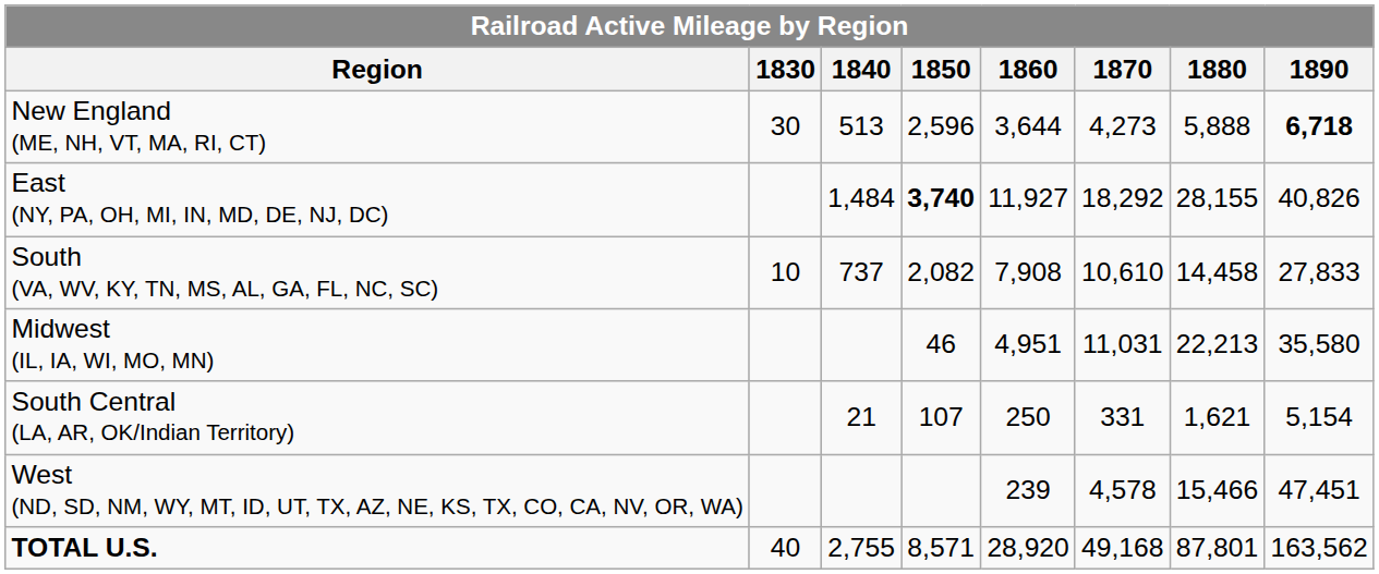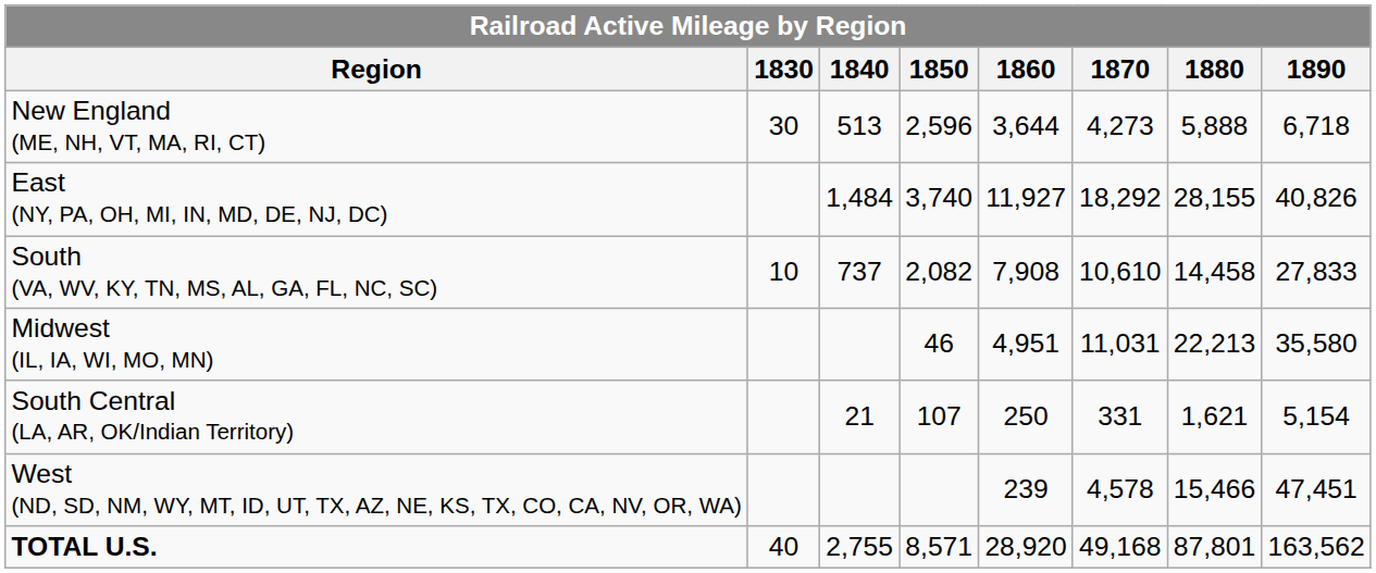 <table class="wikitable sortable" style="text-align:center">
 <tr>
 <td colspan="18" style= "background: #888888; color: #ffffff"><strong> Railroad Active Mileage by Region</strong></td>
 </tr>
 <tr>
 <th>Region</th>
 <th>1830</th>
 <th>1840</th>
 <th>1850</th>
 <th>1860</th>
 <th>1870</th>
 <th>1880</th>
 <th>1890</th>
 </tr>
 <tr>
 <td align=left>New England <br><small>(ME, NH, VT, MA, RI, CT)</small></td>
 <td>30</td>
 <td>513</td>
 <td>2,596</td>
 <td>3,644</td>
 <td>4,273</td>
 <td>5,888</td>
-<td><strong>6,718</strong></td>
+<td>6,718</td>
 </tr>
 <tr>
 <td align=left>East <br><small>(NY, PA, OH, MI, IN, MD, DE, NJ, DC)</small></td>
 <td> </td>
 <td>1,484</td>
-<td><strong>3,740</strong></td>
+<td>3,740</td>
 <td>11,927</td>
 <td>18,292</td>
 <td>28,155</td>
 <td>40,826</td>
 </tr>
 <tr>
 <td align=left>South <br><small>(VA, WV, KY, TN, MS, AL, GA, FL, NC, SC)</small></td>
 <td>10</td>
 <td>737</td>
 <td>2,082</td>
 <td>7,908</td>
 <td>10,610</td>
 <td>14,458</td>
 <td>27,833</td>
 </tr>
 <tr>
 <td align=left>Midwest <br><small>(IL, IA, WI, MO, MN)</small></td>
 <td> </td>
 <td></td>
 <td>46</td>
 <td>4,951</td>
 <td>11,031</td>
 <td>22,213</td>
 <td>35,580</td>
 </tr>
 <tr>
 <td align=left>South Central <br><small>(LA, AR, OK/Indian Territory)</small></td>
 <td> </td>
 <td>21</td>
 <td>107</td>
 <td>250</td>
 <td>331</td>
 <td>1,621</td>
 <td>5,154</td>
 </tr>
 <tr>
 <td align=left>West <br><small>(ND, SD, NM, WY, MT, ID, UT, TX, AZ, NE, KS, TX, CO, CA, NV, OR, WA)</small></td>
 <td> </td>
 <td> </td>
 <td> </td>
 <td>239</td>
 <td>4,578</td>
 <td>15,466</td>
 <td>47,451</td>
 </tr>
 <tr>
 <td align=left><strong>TOTAL U.S.</strong></td>
 <td>40</td>
 <td>2,755</td>
 <td>8,571</td>
 <td>28,920</td>
 <td>49,168</td>
 <td>87,801</td>
 <td>163,562</td>
 </tr>
 </table>
